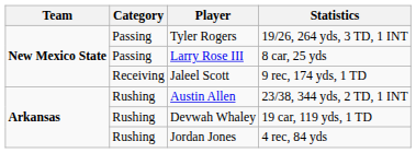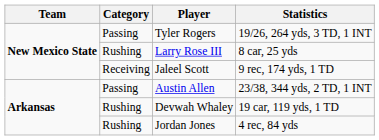 <table class="wikitable" style="float: right;">
 <tr>
 <th>Team</th>
 <th>Category</th>
 <th>Player</th>
 <th>Statistics</th>
 </tr>
 <tr>
 <td rowspan=3><strong>New Mexico State</strong></td>
 <td>Passing</td>
 <td>Tyler Rogers</td>
 <td>19/26, 264 yds, 3 TD, 1 INT</td>
 </tr>
 <tr>
-<td>Passing</td>
+<td>Rushing</td>
 <td><a href='#'>Larry Rose III</a></td>
 <td>8 car, 25 yds</td>
 </tr>
 <tr>
 <td>Receiving</td>
 <td>Jaleel Scott</td>
 <td>9 rec, 174 yds, 1 TD</td>
 </tr>
 <tr>
 <td rowspan=3><strong>Arkansas</strong></td>
-<td>Rushing</td>
+<td>Passing</td>
 <td><a href='#'>Austin Allen</a></td>
 <td>23/38, 344 yds, 2 TD, 1 INT</td>
 </tr>
 <tr>
 <td>Rushing</td>
 <td>Devwah Whaley</td>
 <td>19 car, 119 yds, 1 TD</td>
 </tr>
 <tr>
 <td>Rushing</td>
 <td>Jordan Jones</td>
 <td>4 rec, 84 yds</td>
 </tr>
 </table>
